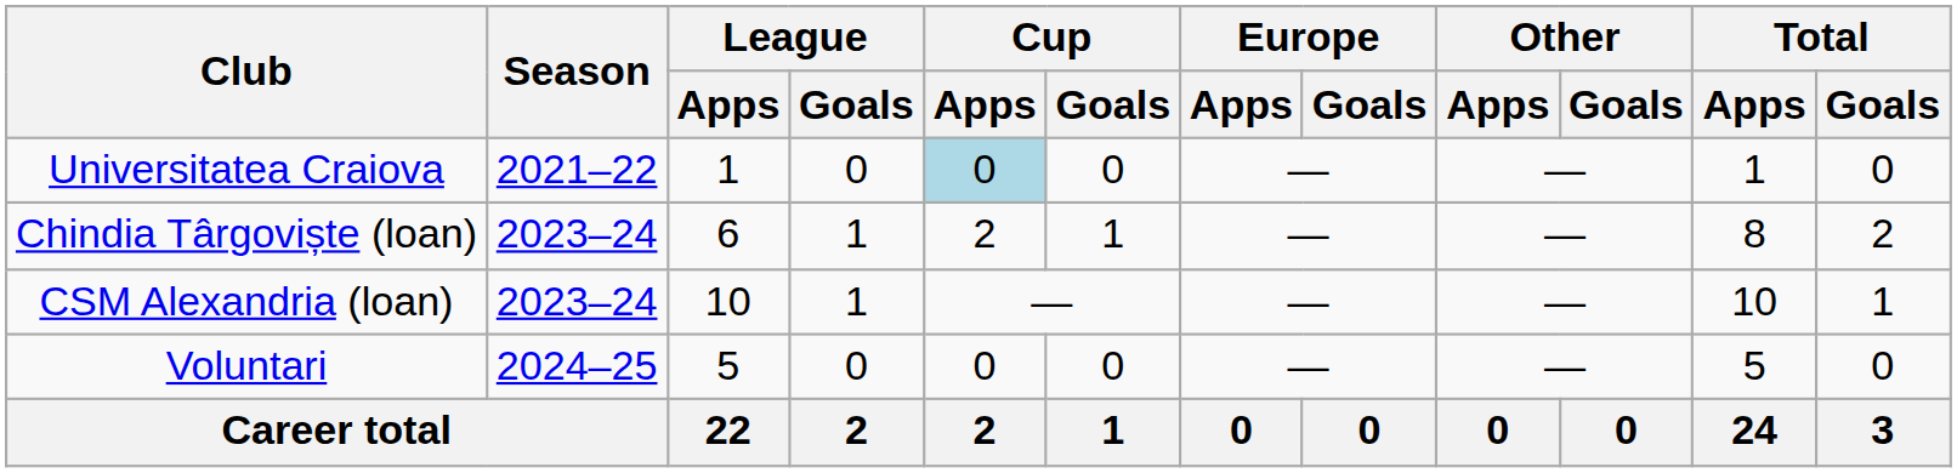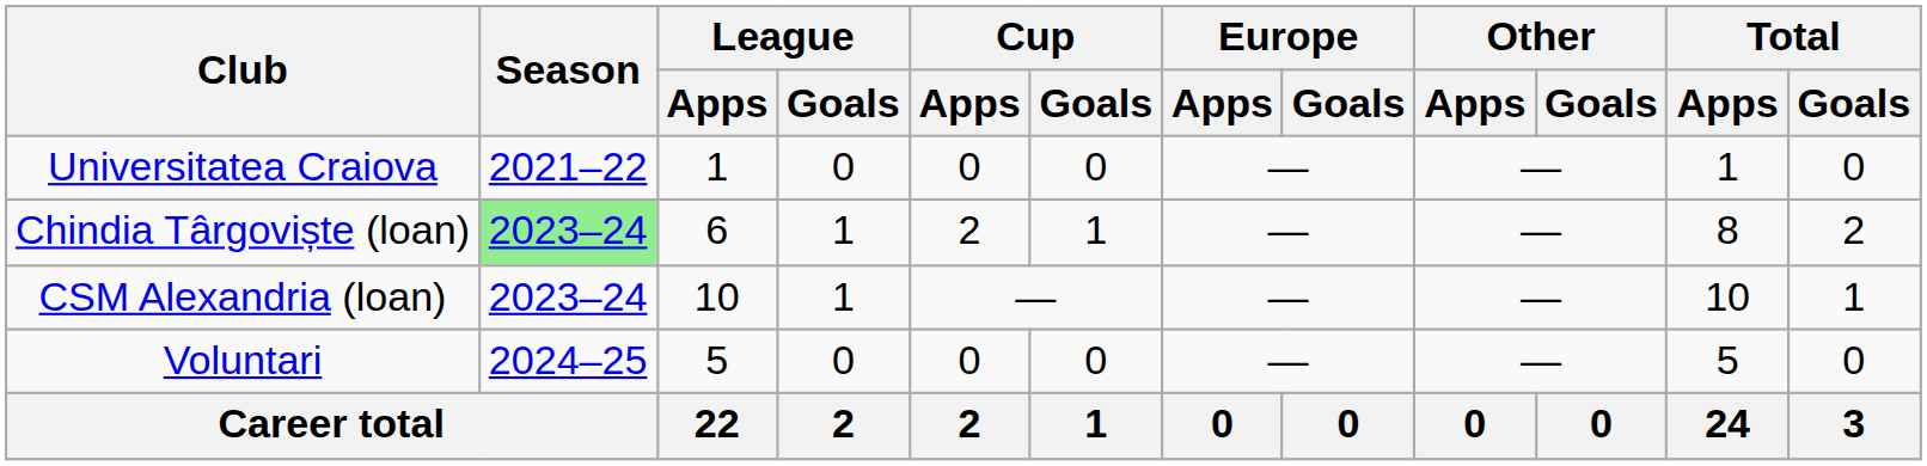 <table class="wikitable" style="text-align:center">
 <tr>
 <th rowspan="2">Club</th>
 <th rowspan="2">Season</th>
 <th colspan="2">League</th>
 <th colspan="2">Cup</th>
 <th colspan="2">Europe</th>
 <th colspan="2">Other</th>
 <th colspan="2">Total</th>
 </tr>
 <tr>
 <th>Apps</th>
 <th>Goals</th>
 <th>Apps</th>
 <th>Goals</th>
 <th>Apps</th>
 <th>Goals</th>
 <th>Apps</th>
 <th>Goals</th>
 <th>Apps</th>
 <th>Goals</th>
 </tr>
 <tr>
 <td rowspan="1"><a href='#'>Universitatea Craiova</a></td>
 <td><a href='#'>2021–22</a></td>
 <td>1</td>
 <td>0</td>
-<td style="background: lightblue;">0</td>
+<td>0</td>
 <td>0</td>
 <td colspan="2">—</td>
 <td colspan="2">—</td>
 <td>1</td>
 <td>0</td>
 </tr>
 <tr>
 <td rowspan="1"><a href='#'>Chindia Târgoviște</a> (loan)</td>
-<td><a href='#'>2023–24</a></td>
+<td style="background: lightgreen;"><a href='#'>2023–24</a></td>
 <td>6</td>
 <td>1</td>
 <td>2</td>
 <td>1</td>
 <td colspan="2">—</td>
 <td colspan="2">—</td>
 <td>8</td>
 <td>2</td>
 </tr>
 <tr>
 <td rowspan="1"><a href='#'>CSM Alexandria</a> (loan)</td>
 <td><a href='#'>2023–24</a></td>
 <td>10</td>
 <td>1</td>
 <td colspan="2">—</td>
 <td colspan="2">—</td>
 <td colspan="2">—</td>
 <td>10</td>
 <td>1</td>
 </tr>
 <tr>
 <td rowspan="1"><a href='#'>Voluntari</a></td>
 <td><a href='#'>2024–25</a></td>
 <td>5</td>
 <td>0</td>
 <td>0</td>
 <td>0</td>
 <td colspan="2">—</td>
 <td colspan="2">—</td>
 <td>5</td>
 <td>0</td>
 </tr>
 <tr>
 <th colspan="2">Career total</th>
 <th>22</th>
 <th>2</th>
 <th>2</th>
 <th>1</th>
 <th>0</th>
 <th>0</th>
 <th>0</th>
 <th>0</th>
 <th>24</th>
 <th>3</th>
 </tr>
 </table>
